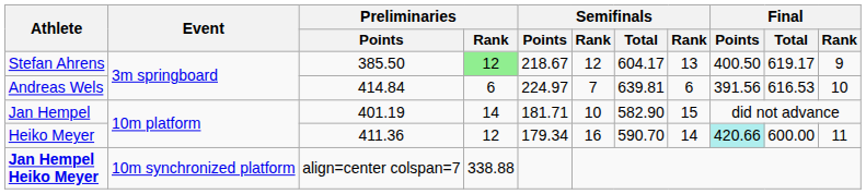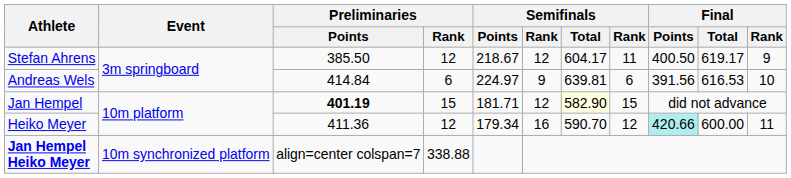 <table class=wikitable style="font-size:90%">
 <tr>
 <th rowspan="2">Athlete</th>
 <th rowspan="2">Event</th>
 <th colspan="2">Preliminaries</th>
 <th colspan="4">Semifinals</th>
 <th colspan="3">Final</th>
 </tr>
 <tr style="font-size:95%">
 <th>Points</th>
 <th>Rank</th>
 <th>Points</th>
 <th>Rank</th>
 <th>Total</th>
 <th>Rank</th>
 <th>Points</th>
 <th>Total</th>
 <th>Rank</th>
 </tr>
 <tr>
 <td align=left><a href='#'>Stefan Ahrens</a></td>
 <td align=left rowspan=2><a href='#'>3m springboard</a></td>
 <td align=center>385.50</td>
-<td align=center style="background: lightgreen;">12</td>
+<td align=center>12</td>
 <td align=center>218.67</td>
 <td align=center>12</td>
 <td align=center>604.17</td>
-<td align=center>13</td>
+<td align=center>11</td>
 <td align=center>400.50</td>
 <td align=center>619.17</td>
 <td align=center>9</td>
 </tr>
 <tr>
 <td align=left><a href='#'>Andreas Wels</a></td>
 <td align=center>414.84</td>
 <td align=center>6</td>
 <td align=center>224.97</td>
-<td align=center>7</td>
+<td align=center>9</td>
 <td align=center>639.81</td>
 <td align=center>6</td>
 <td align=center>391.56</td>
 <td align=center>616.53</td>
 <td align=center>10</td>
 </tr>
 <tr>
 <td align=left><a href='#'>Jan Hempel</a></td>
 <td align=left rowspan=2><a href='#'>10m platform</a></td>
-<td align=center>401.19</td>
-<td align=center>14</td>
+<td align=center><strong>401.19</strong></td>
+<td align=center>15</td>
 <td align=center>181.71</td>
-<td align=center>10</td>
-<td align=center>582.90</td>
+<td align=center>12</td>
+<td align=center style="background: lightyellow;">582.90</td>
 <td align=center>15</td>
 <td align=center colspan=3>did not advance</td>
 </tr>
 <tr>
 <td align=left><a href='#'>Heiko Meyer</a></td>
 <td align=center>411.36</td>
 <td align=center>12</td>
 <td align=center>179.34</td>
 <td align=center>16</td>
 <td align=center>590.70</td>
-<td align=center>14</td>
+<td align=center>12</td>
 <td align=center style="background: paleturquoise;">420.66</td>
 <td align=center>600.00</td>
 <td align=center>11</td>
 </tr>
 <tr>
 <td align=left><strong><a href='#'>Jan Hempel</a></strong><br> <strong><a href='#'>Heiko Meyer</a></strong></td>
 <td align=left><a href='#'>10m synchronized platform</a></td>
 <td>align=center colspan=7 </td>
 <td align=center>338.88</td>
 <td align=center></td>
 </tr>
 </table>
